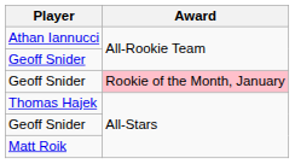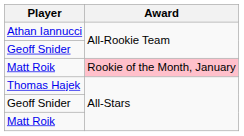 <table class="wikitable">
 <tr>
 <th>Player</th>
 <th>Award</th>
 </tr>
 <tr>
 <td><a href='#'>Athan Iannucci</a></td>
 <td rowspan=2>All-Rookie Team</td>
 </tr>
 <tr>
 <td><a href='#'>Geoff Snider</a></td>
 </tr>
 <tr>
-<td>Geoff Snider</td>
+<td><a href='#'>Matt Roik</a></td>
 <td style="background: pink;">Rookie of the Month, January</td>
 </tr>
 <tr>
 <td><a href='#'>Thomas Hajek</a></td>
 <td rowspan=3>All-Stars</td>
 </tr>
 <tr>
 <td>Geoff Snider</td>
 </tr>
 <tr>
 <td><a href='#'>Matt Roik</a></td>
 </tr>
 </table>
